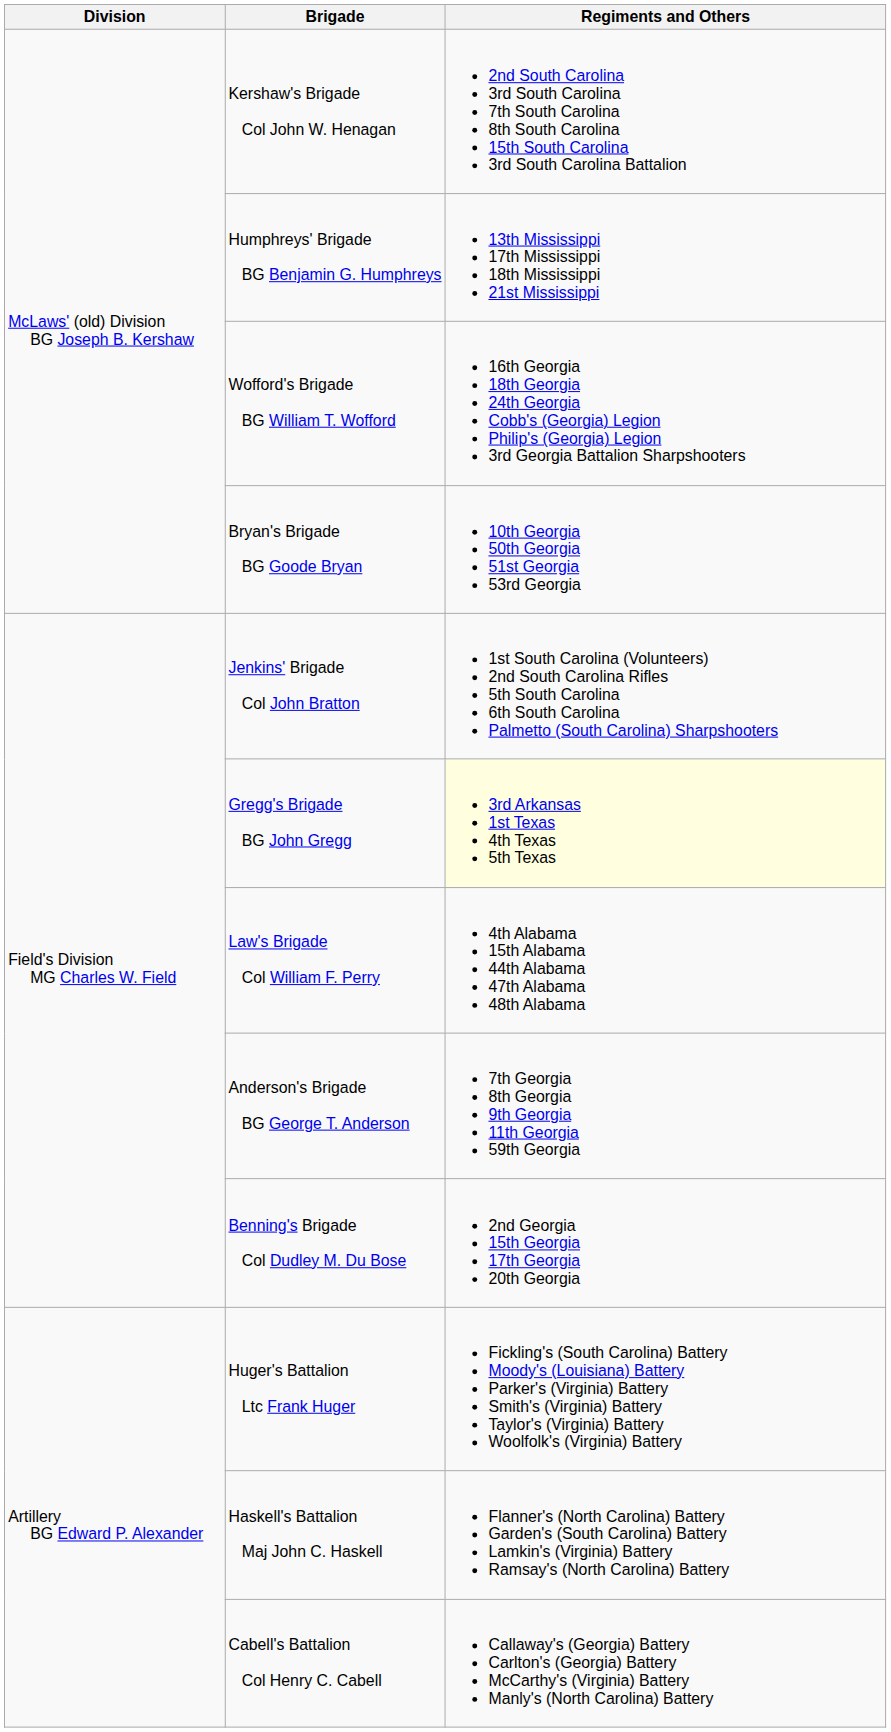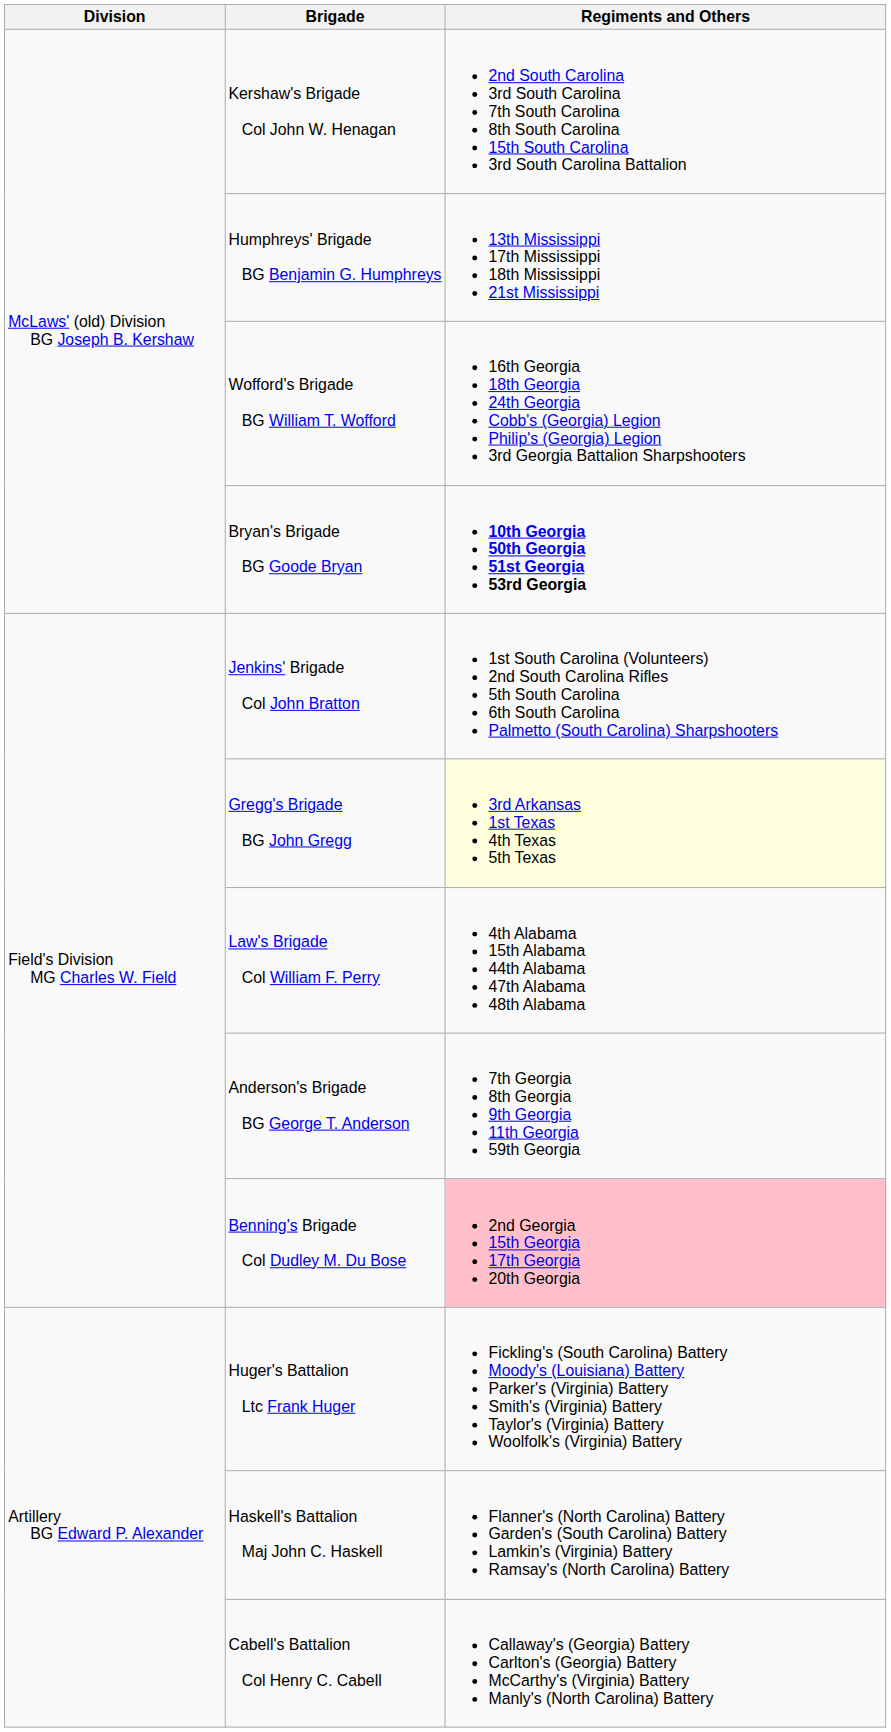 <table class="wikitable">
 <tr>
 <th width=25%>Division</th>
 <th width=25%>Brigade</th>
 <th>Regiments and Others</th>
 </tr>
 <tr>
 <td rowspan=4><br><a href='#'>McLaws'</a> (old) Division <br>     BG <a href='#'>Joseph B. Kershaw</a></td>
 <td>Kershaw's Brigade<br><br>   Col John W. Henagan</td>
 <td><br><ul><li><a href='#'>2nd South Carolina</a></li><li>3rd South Carolina</li><li>7th South Carolina</li><li>8th South Carolina</li><li><a href='#'>15th South Carolina</a></li><li>3rd South Carolina Battalion</li></ul></td>
 </tr>
 <tr>
 <td>Humphreys' Brigade<br><br>   BG <a href='#'>Benjamin G. Humphreys</a></td>
 <td><br><ul><li><a href='#'>13th Mississippi</a></li><li>17th Mississippi</li><li>18th Mississippi</li><li><a href='#'>21st Mississippi</a></li></ul></td>
 </tr>
 <tr>
 <td>Wofford's Brigade<br><br>   BG <a href='#'>William T. Wofford</a></td>
 <td><br><ul><li>16th Georgia</li><li><a href='#'>18th Georgia</a></li><li><a href='#'>24th Georgia</a></li><li><a href='#'>Cobb's (Georgia) Legion</a></li><li><a href='#'>Philip's (Georgia) Legion</a></li><li>3rd Georgia Battalion Sharpshooters</li></ul></td>
 </tr>
 <tr>
 <td>Bryan's Brigade<br><br>   BG <a href='#'>Goode Bryan</a></td>
-<td><br><ul><li><a href='#'>10th Georgia</a></li><li><a href='#'>50th Georgia</a></li><li><a href='#'>51st Georgia</a></li><li>53rd Georgia</li></ul></td>
+<td><strong><br><ul><li><a href='#'>10th Georgia</a></li><li><a href='#'>50th Georgia</a></li><li><a href='#'>51st Georgia</a></li><li>53rd Georgia</li></ul></strong></td>
 </tr>
 <tr>
 <td rowspan=5><br>Field's Division <br>     MG <a href='#'>Charles W. Field</a></td>
 <td><a href='#'>Jenkins'</a> Brigade<br><br>   Col <a href='#'>John Bratton</a></td>
 <td><br><ul><li>1st South Carolina (Volunteers)</li><li>2nd South Carolina Rifles</li><li>5th South Carolina</li><li>6th South Carolina</li><li><a href='#'>Palmetto (South Carolina) Sharpshooters</a></li></ul></td>
 </tr>
 <tr>
 <td><a href='#'>Gregg's Brigade</a><br><br>   BG <a href='#'>John Gregg</a></td>
 <td style="background: lightyellow;"><br><ul><li><a href='#'>3rd Arkansas</a></li><li><a href='#'>1st Texas</a></li><li>4th Texas</li><li>5th Texas</li></ul></td>
 </tr>
 <tr>
 <td><a href='#'>Law's Brigade</a><br><br>   Col <a href='#'>William F. Perry</a></td>
 <td><br><ul><li>4th Alabama</li><li>15th Alabama</li><li>44th Alabama</li><li>47th Alabama</li><li>48th Alabama</li></ul></td>
 </tr>
 <tr>
 <td>Anderson's Brigade<br><br>   BG <a href='#'>George T. Anderson</a></td>
 <td><br><ul><li>7th Georgia</li><li>8th Georgia</li><li><a href='#'>9th Georgia</a></li><li><a href='#'>11th Georgia</a></li><li>59th Georgia</li></ul></td>
 </tr>
 <tr>
 <td><a href='#'>Benning's</a> Brigade<br><br>   Col <a href='#'>Dudley M. Du Bose</a></td>
-<td><br><ul><li>2nd Georgia</li><li><a href='#'>15th Georgia</a></li><li><a href='#'>17th Georgia</a></li><li>20th Georgia</li></ul></td>
+<td style="background: pink;"><br><ul><li>2nd Georgia</li><li><a href='#'>15th Georgia</a></li><li><a href='#'>17th Georgia</a></li><li>20th Georgia</li></ul></td>
 </tr>
 <tr>
 <td rowspan=3><br>Artillery <br>     BG <a href='#'>Edward P. Alexander</a></td>
 <td>Huger's Battalion<br><br>   Ltc <a href='#'>Frank Huger</a></td>
 <td><br><ul><li>Fickling's (South Carolina) Battery</li><li><a href='#'>Moody's (Louisiana) Battery</a></li><li>Parker's (Virginia) Battery</li><li>Smith's (Virginia) Battery</li><li>Taylor's (Virginia) Battery</li><li>Woolfolk's (Virginia) Battery</li></ul></td>
 </tr>
 <tr>
 <td>Haskell's Battalion<br><br>   Maj John C. Haskell</td>
 <td><br><ul><li>Flanner's (North Carolina) Battery</li><li>Garden's (South Carolina) Battery</li><li>Lamkin's (Virginia) Battery</li><li>Ramsay's (North Carolina) Battery</li></ul></td>
 </tr>
 <tr>
 <td>Cabell's Battalion<br><br>   Col Henry C. Cabell</td>
 <td><br><ul><li>Callaway's (Georgia) Battery</li><li>Carlton's (Georgia) Battery</li><li>McCarthy's (Virginia) Battery</li><li>Manly's (North Carolina) Battery</li></ul></td>
 </tr>
 </table>
